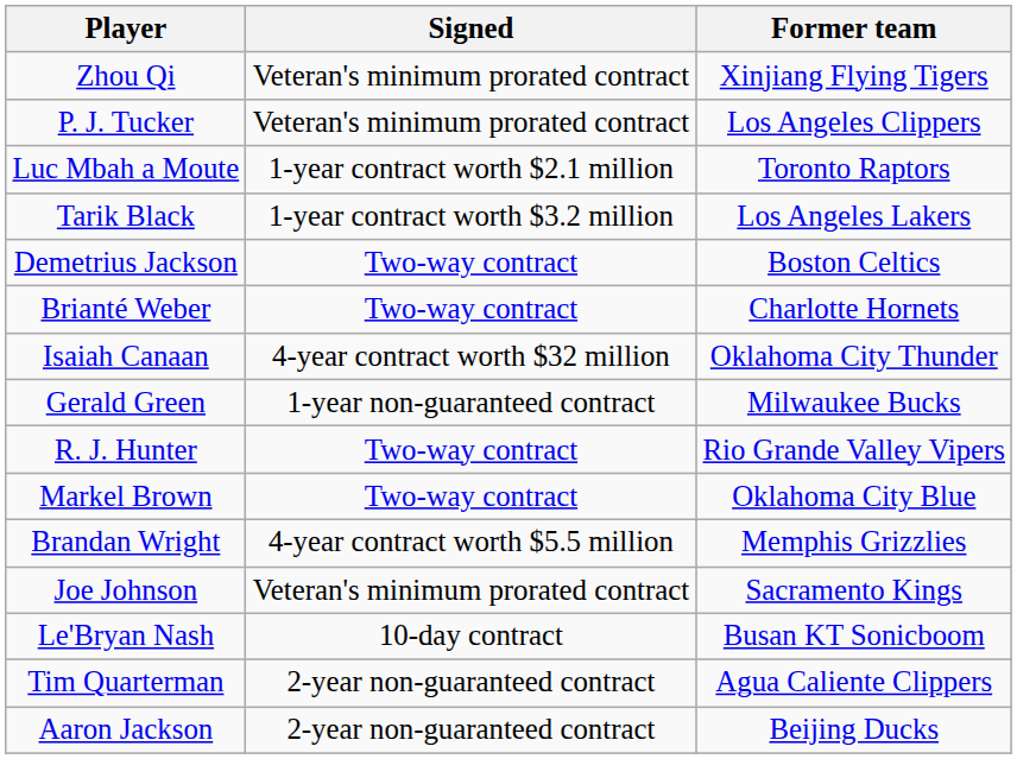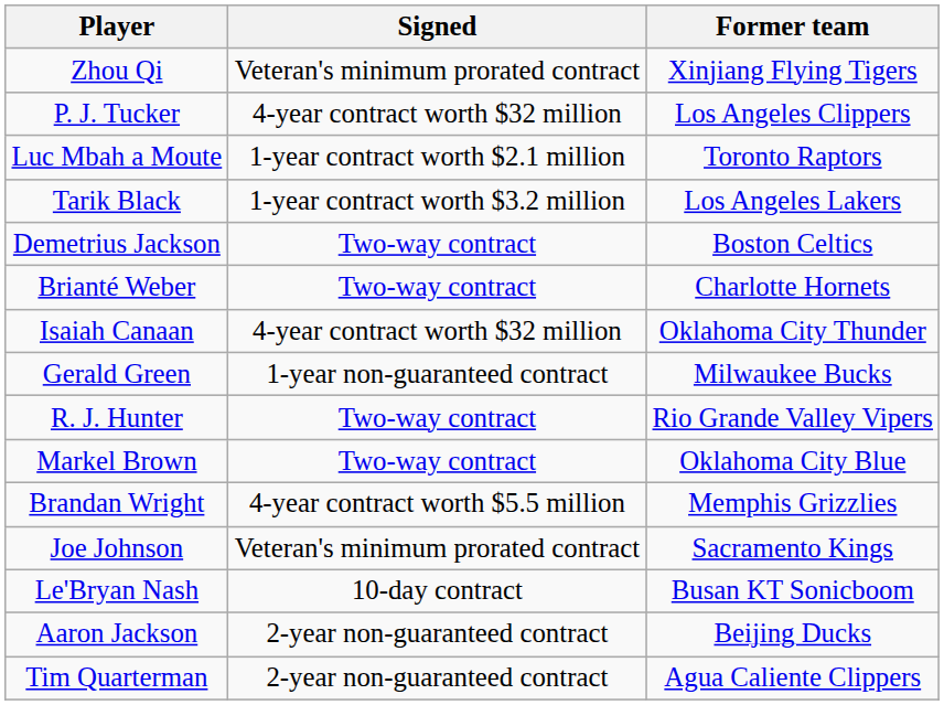 <table class="wikitable sortable sortable" style="text-align: center">
 <tr>
 <th>Player</th>
 <th>Signed</th>
 <th>Former team</th>
 </tr>
 <tr style="text-align: center">
 <td><a href='#'>Zhou Qi</a></td>
 <td>Veteran's minimum prorated contract</td>
 <td> <a href='#'>Xinjiang Flying Tigers</a></td>
 </tr>
 <tr style="text-align: center">
 <td><a href='#'>P. J. Tucker</a></td>
-<td>Veteran's minimum prorated contract</td>
+<td>4-year contract worth $32 million</td>
 <td><a href='#'>Los Angeles Clippers</a></td>
 </tr>
 <tr style="text-align: center">
 <td><a href='#'>Luc Mbah a Moute</a></td>
 <td>1-year contract worth $2.1 million</td>
 <td><a href='#'>Toronto Raptors</a></td>
 </tr>
 <tr style="text-align: center">
 <td><a href='#'>Tarik Black</a></td>
 <td>1-year contract worth $3.2 million</td>
 <td><a href='#'>Los Angeles Lakers</a></td>
 </tr>
 <tr style="text-align: center">
 <td><a href='#'>Demetrius Jackson</a></td>
 <td><a href='#'>Two-way contract</a></td>
 <td><a href='#'>Boston Celtics</a></td>
 </tr>
 <tr style="text-align: center">
 <td><a href='#'>Brianté Weber</a></td>
 <td><a href='#'>Two-way contract</a></td>
 <td><a href='#'>Charlotte Hornets</a></td>
 </tr>
 <tr style="text-align: center">
 <td><a href='#'>Isaiah Canaan</a></td>
 <td>4-year contract worth $32 million</td>
 <td><a href='#'>Oklahoma City Thunder</a></td>
 </tr>
 <tr style="text-align: center">
 <td><a href='#'>Gerald Green</a></td>
 <td>1-year non-guaranteed contract</td>
 <td><a href='#'>Milwaukee Bucks</a></td>
 </tr>
 <tr style="text-align: center">
 <td><a href='#'>R. J. Hunter</a></td>
 <td><a href='#'>Two-way contract</a></td>
 <td><a href='#'>Rio Grande Valley Vipers</a></td>
 </tr>
 <tr style="text-align: center">
 <td><a href='#'>Markel Brown</a></td>
 <td><a href='#'>Two-way contract</a></td>
 <td><a href='#'>Oklahoma City Blue</a></td>
 </tr>
 <tr style="text-align: center">
 <td><a href='#'>Brandan Wright</a></td>
 <td>4-year contract worth $5.5 million</td>
 <td><a href='#'>Memphis Grizzlies</a></td>
 </tr>
 <tr style="text-align: center">
 <td><a href='#'>Joe Johnson</a></td>
 <td>Veteran's minimum prorated contract</td>
 <td><a href='#'>Sacramento Kings</a></td>
 </tr>
 <tr style="text-align: center">
 <td><a href='#'>Le'Bryan Nash</a></td>
 <td>10-day contract</td>
 <td> <a href='#'>Busan KT Sonicboom</a></td>
 </tr>
 <tr style="text-align: center">
+<td><a href='#'>Aaron Jackson</a></td>
+<td>2-year non-guaranteed contract</td>
+<td> <a href='#'>Beijing Ducks</a></td>
+</tr>
+<tr style="text-align: center">
 <td><a href='#'>Tim Quarterman</a></td>
 <td>2-year non-guaranteed contract</td>
 <td><a href='#'>Agua Caliente Clippers</a></td>
 </tr>
-<tr style="text-align: center">
-<td><a href='#'>Aaron Jackson</a></td>
-<td>2-year non-guaranteed contract</td>
-<td> <a href='#'>Beijing Ducks</a></td>
-</tr>
 </table>
